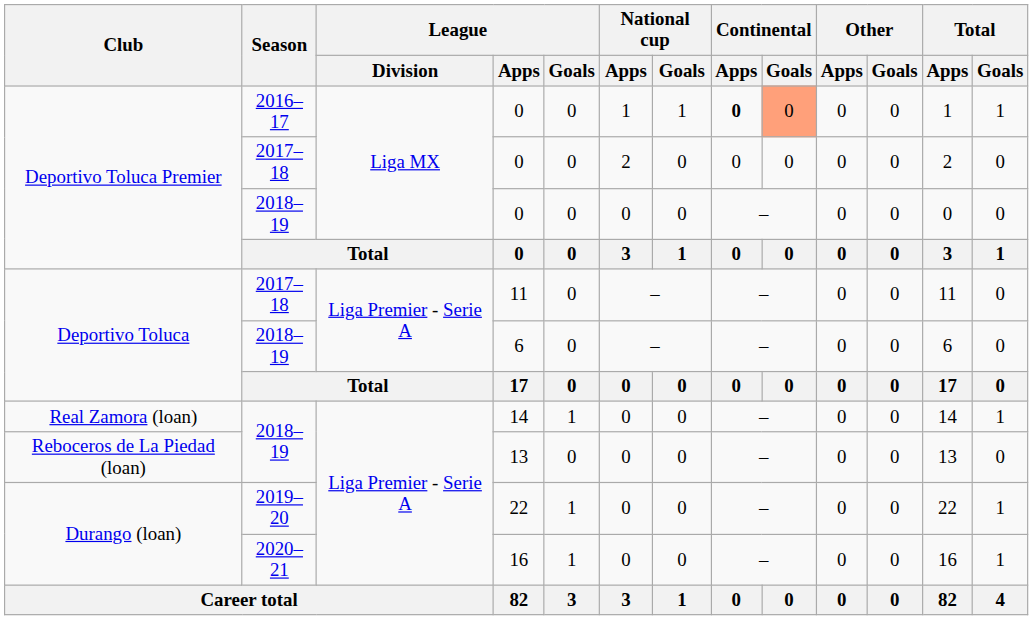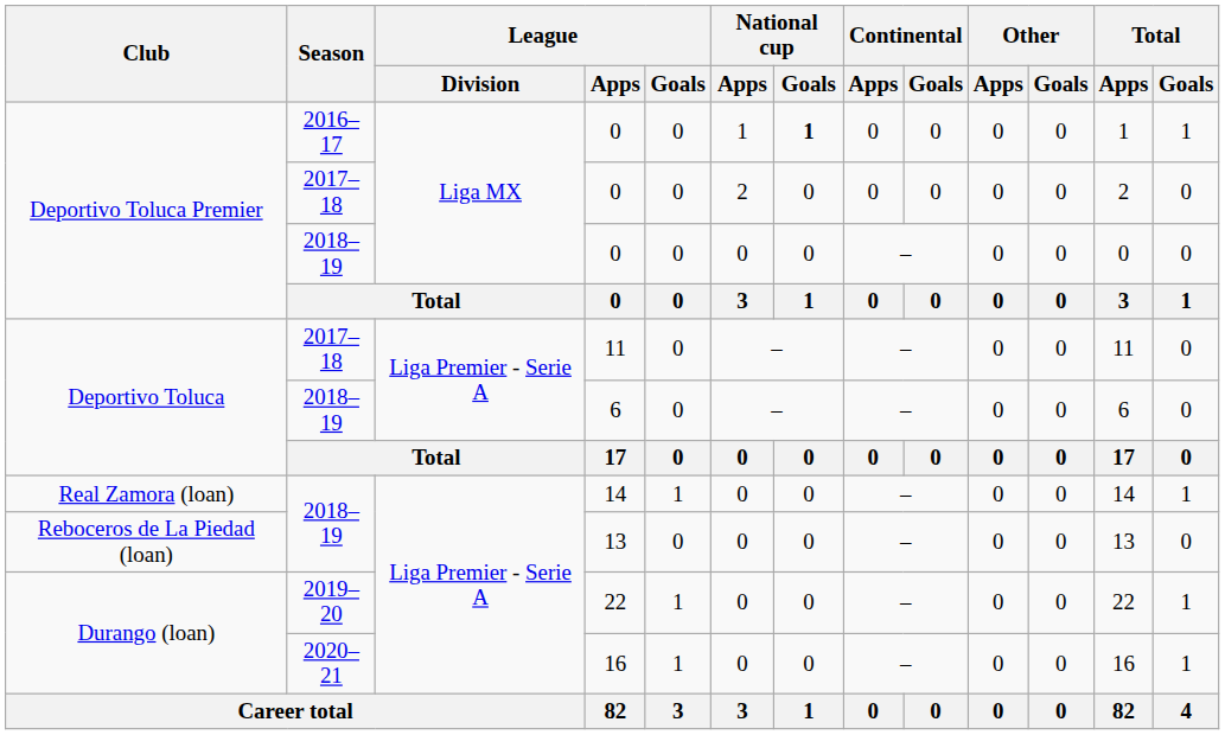 <table class="wikitable" style="text-align: center">
 <tr>
 <th rowspan="2">Club</th>
 <th rowspan="2">Season</th>
 <th colspan="3">League</th>
 <th colspan="2">National cup</th>
 <th colspan="2">Continental</th>
 <th colspan="2">Other</th>
 <th colspan="2">Total</th>
 </tr>
 <tr>
 <th>Division</th>
 <th>Apps</th>
 <th>Goals</th>
 <th>Apps</th>
 <th>Goals</th>
 <th>Apps</th>
 <th>Goals</th>
 <th>Apps</th>
 <th>Goals</th>
 <th>Apps</th>
 <th>Goals</th>
 </tr>
 <tr>
 <td rowspan="4"><a href='#'>Deportivo Toluca Premier</a></td>
 <td><a href='#'>2016–17</a></td>
 <td rowspan="3"><a href='#'>Liga MX</a></td>
 <td>0</td>
 <td>0</td>
 <td>1</td>
-<td>1</td>
-<td><strong>0</strong></td>
-<td style="background: lightsalmon;">0</td>
+<td><strong>1</strong></td>
+<td>0</td>
+<td>0</td>
 <td>0</td>
 <td>0</td>
 <td>1</td>
 <td>1</td>
 </tr>
 <tr>
 <td><a href='#'>2017–18</a></td>
 <td>0</td>
 <td>0</td>
 <td>2</td>
 <td>0</td>
 <td>0</td>
 <td>0</td>
 <td>0</td>
 <td>0</td>
 <td>2</td>
 <td>0</td>
 </tr>
 <tr>
 <td><a href='#'>2018–19</a></td>
 <td>0</td>
 <td>0</td>
 <td>0</td>
 <td>0</td>
 <td colspan="2">–</td>
 <td>0</td>
 <td>0</td>
 <td>0</td>
 <td>0</td>
 </tr>
 <tr>
 <th colspan="2"><strong>Total</strong></th>
 <th>0</th>
 <th>0</th>
 <th>3</th>
 <th>1</th>
 <th>0</th>
 <th>0</th>
 <th>0</th>
 <th>0</th>
 <th>3</th>
 <th>1</th>
 </tr>
 <tr>
 <td rowspan="3"><a href='#'>Deportivo Toluca</a></td>
 <td><a href='#'>2017–18</a></td>
 <td rowspan="2"><a href='#'>Liga Premier</a> - <a href='#'>Serie A</a></td>
 <td>11</td>
 <td>0</td>
 <td colspan="2">–</td>
 <td colspan="2">–</td>
 <td>0</td>
 <td>0</td>
 <td>11</td>
 <td>0</td>
 </tr>
 <tr>
 <td><a href='#'>2018–19</a></td>
 <td>6</td>
 <td>0</td>
 <td colspan="2">–</td>
 <td colspan="2">–</td>
 <td>0</td>
 <td>0</td>
 <td>6</td>
 <td>0</td>
 </tr>
 <tr>
 <th colspan="2"><strong>Total</strong></th>
 <th>17</th>
 <th>0</th>
 <th>0</th>
 <th>0</th>
 <th>0</th>
 <th>0</th>
 <th>0</th>
 <th>0</th>
 <th>17</th>
 <th>0</th>
 </tr>
 <tr>
 <td><a href='#'>Real Zamora</a> (loan)</td>
 <td rowspan="2"><a href='#'>2018–19</a></td>
 <td rowspan="4"><a href='#'>Liga Premier</a> - <a href='#'>Serie A</a></td>
 <td>14</td>
 <td>1</td>
 <td>0</td>
 <td>0</td>
 <td colspan="2">–</td>
 <td>0</td>
 <td>0</td>
 <td>14</td>
 <td>1</td>
 </tr>
 <tr>
 <td><a href='#'>Reboceros de La Piedad</a> (loan)</td>
 <td>13</td>
 <td>0</td>
 <td>0</td>
 <td>0</td>
 <td colspan="2">–</td>
 <td>0</td>
 <td>0</td>
 <td>13</td>
 <td>0</td>
 </tr>
 <tr>
 <td rowspan="2"><a href='#'>Durango</a> (loan)</td>
 <td><a href='#'>2019–20</a></td>
 <td>22</td>
 <td>1</td>
 <td>0</td>
 <td>0</td>
 <td colspan="2">–</td>
 <td>0</td>
 <td>0</td>
 <td>22</td>
 <td>1</td>
 </tr>
 <tr>
 <td><a href='#'>2020–21</a></td>
 <td>16</td>
 <td>1</td>
 <td>0</td>
 <td>0</td>
 <td colspan="2">–</td>
 <td>0</td>
 <td>0</td>
 <td>16</td>
 <td>1</td>
 </tr>
 <tr>
 <th colspan="3"><strong>Career total</strong></th>
 <th>82</th>
 <th>3</th>
 <th>3</th>
 <th>1</th>
 <th>0</th>
 <th>0</th>
 <th>0</th>
 <th>0</th>
 <th>82</th>
 <th>4</th>
 </tr>
 </table>
